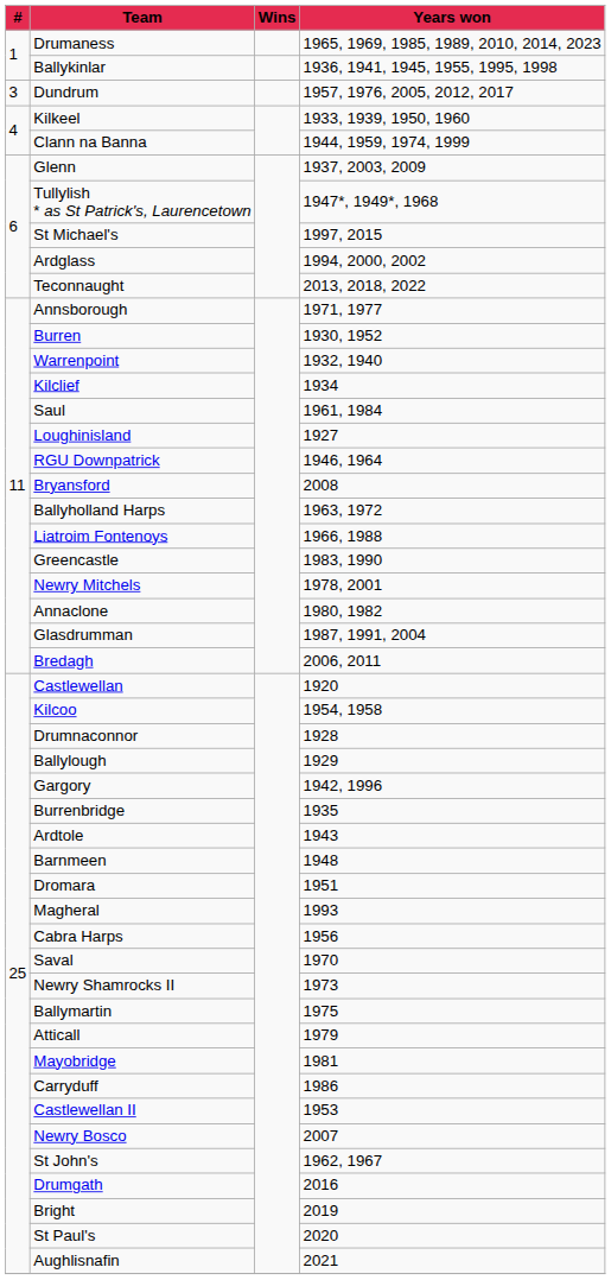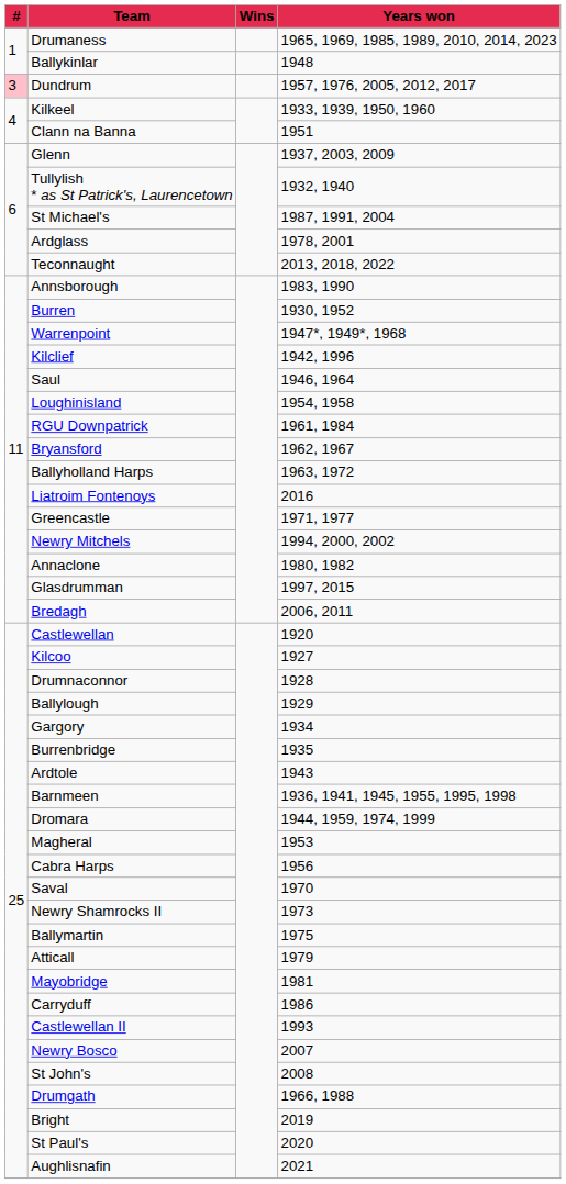 <table class="wikitable">
 <tr>
 <th style="background:#E52B50;color:black;">#</th>
 <th style="background:#E52B50;color:black;">Team</th>
 <th style="background:#E52B50;color:black;">Wins</th>
 <th style="background:#E52B50;color:black;">Years won</th>
 </tr>
 <tr>
 <td rowspan=2>1</td>
 <td> Drumaness</td>
 <td rowspan=1></td>
 <td>1965, 1969, 1985, 1989, 2010, 2014, 2023</td>
 </tr>
 <tr>
 <td> Ballykinlar</td>
 <td></td>
-<td>1936, 1941, 1945, 1955, 1995, 1998</td>
+<td>1948</td>
 </tr>
 <tr>
-<td>3</td>
+<td style="background: pink;">3</td>
 <td> Dundrum</td>
 <td></td>
 <td>1957, 1976, 2005, 2012, 2017</td>
 </tr>
 <tr>
 <td rowspan=2>4</td>
 <td>Kilkeel</td>
 <td rowspan=2></td>
 <td>1933, 1939, 1950, 1960</td>
 </tr>
 <tr>
 <td> Clann na Banna</td>
-<td>1944, 1959, 1974, 1999</td>
+<td>1951</td>
 </tr>
 <tr>
 <td rowspan=5>6</td>
 <td> Glenn</td>
 <td rowspan=5></td>
 <td>1937, 2003, 2009</td>
 </tr>
 <tr>
 <td> Tullylish<br>* <em>as St Patrick's, Laurencetown</em></td>
-<td>1947*, 1949*, 1968</td>
+<td>1932, 1940</td>
 </tr>
 <tr>
 <td> St Michael's</td>
-<td>1997, 2015</td>
+<td>1987, 1991, 2004</td>
 </tr>
 <tr>
 <td> Ardglass</td>
-<td>1994, 2000, 2002</td>
+<td>1978, 2001</td>
 </tr>
 <tr>
 <td> Teconnaught</td>
 <td>2013, 2018, 2022</td>
 </tr>
 <tr>
 <td rowspan="15">11</td>
 <td>Annsborough</td>
 <td rowspan="15"></td>
-<td>1971, 1977</td>
+<td>1983, 1990</td>
 </tr>
 <tr>
 <td> <a href='#'>Burren</a></td>
 <td>1930, 1952</td>
 </tr>
 <tr>
 <td> <a href='#'>Warrenpoint</a></td>
-<td>1932, 1940</td>
+<td>1947*, 1949*, 1968</td>
 </tr>
 <tr>
 <td> <a href='#'>Kilclief</a></td>
-<td>1934</td>
+<td>1942, 1996</td>
 </tr>
 <tr>
 <td> Saul</td>
+<td>1946, 1964</td>
+</tr>
+<tr>
+<td> <a href='#'>Loughinisland</a></td>
+<td>1954, 1958</td>
+</tr>
+<tr>
+<td> <a href='#'>RGU Downpatrick</a></td>
 <td>1961, 1984</td>
 </tr>
 <tr>
-<td> <a href='#'>Loughinisland</a></td>
-<td>1927</td>
-</tr>
-<tr>
-<td> <a href='#'>RGU Downpatrick</a></td>
-<td>1946, 1964</td>
-</tr>
-<tr>
 <td> <a href='#'>Bryansford</a></td>
-<td>2008</td>
+<td>1962, 1967</td>
 </tr>
 <tr>
 <td> Ballyholland Harps</td>
 <td>1963, 1972</td>
 </tr>
 <tr>
 <td> <a href='#'>Liatroim Fontenoys</a></td>
-<td>1966, 1988</td>
+<td>2016</td>
 </tr>
 <tr>
 <td>Greencastle</td>
-<td>1983, 1990</td>
+<td>1971, 1977</td>
 </tr>
 <tr>
 <td> <a href='#'>Newry Mitchels</a></td>
-<td>1978, 2001</td>
+<td>1994, 2000, 2002</td>
 </tr>
 <tr>
 <td> Annaclone</td>
 <td>1980, 1982</td>
 </tr>
 <tr>
 <td> Glasdrumman</td>
-<td>1987, 1991, 2004</td>
+<td>1997, 2015</td>
 </tr>
 <tr>
 <td> <a href='#'>Bredagh</a></td>
 <td>2006, 2011</td>
 </tr>
 <tr>
 <td rowspan="24">25</td>
 <td> <a href='#'>Castlewellan</a></td>
 <td rowspan="24"></td>
 <td>1920</td>
 </tr>
 <tr>
 <td> <a href='#'>Kilcoo</a></td>
-<td>1954, 1958</td>
+<td>1927</td>
 </tr>
 <tr>
 <td>Drumnaconnor</td>
 <td>1928</td>
 </tr>
 <tr>
 <td>Ballylough</td>
 <td>1929</td>
 </tr>
 <tr>
 <td>Gargory</td>
-<td>1942, 1996</td>
+<td>1934</td>
 </tr>
 <tr>
 <td>Burrenbridge</td>
 <td>1935</td>
 </tr>
 <tr>
 <td>Ardtole</td>
 <td>1943</td>
 </tr>
 <tr>
 <td>Barnmeen</td>
-<td>1948</td>
+<td>1936, 1941, 1945, 1955, 1995, 1998</td>
 </tr>
 <tr>
 <td> Dromara</td>
-<td>1951</td>
+<td>1944, 1959, 1974, 1999</td>
 </tr>
 <tr>
 <td>Magheral</td>
-<td>1993</td>
+<td>1953</td>
 </tr>
 <tr>
 <td>Cabra Harps</td>
 <td>1956</td>
 </tr>
 <tr>
 <td> Saval</td>
 <td>1970</td>
 </tr>
 <tr>
 <td> Newry Shamrocks II</td>
 <td>1973</td>
 </tr>
 <tr>
 <td> Ballymartin</td>
 <td>1975</td>
 </tr>
 <tr>
 <td> Atticall</td>
 <td>1979</td>
 </tr>
 <tr>
 <td> <a href='#'>Mayobridge</a></td>
 <td>1981</td>
 </tr>
 <tr>
 <td> Carryduff</td>
 <td>1986</td>
 </tr>
 <tr>
 <td> <a href='#'>Castlewellan II</a></td>
-<td>1953</td>
+<td>1993</td>
 </tr>
 <tr>
 <td> <a href='#'>Newry Bosco</a></td>
 <td>2007</td>
 </tr>
 <tr>
 <td> St John's</td>
-<td>1962, 1967</td>
+<td>2008</td>
 </tr>
 <tr>
 <td> <a href='#'>Drumgath</a></td>
-<td>2016</td>
+<td>1966, 1988</td>
 </tr>
 <tr>
 <td> Bright</td>
 <td>2019</td>
 </tr>
 <tr>
 <td> St Paul's</td>
 <td>2020</td>
 </tr>
 <tr>
 <td> Aughlisnafin</td>
 <td>2021</td>
 </tr>
 <tr>
 </tr>
 </table>
